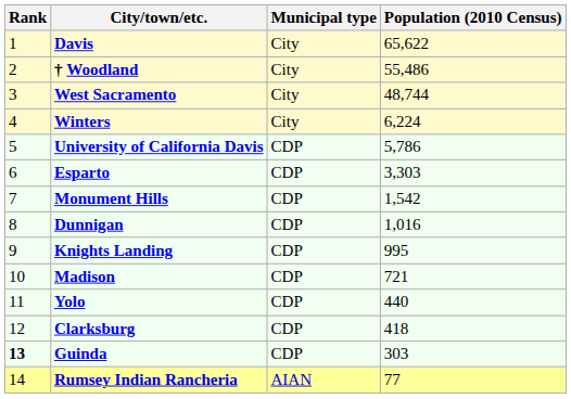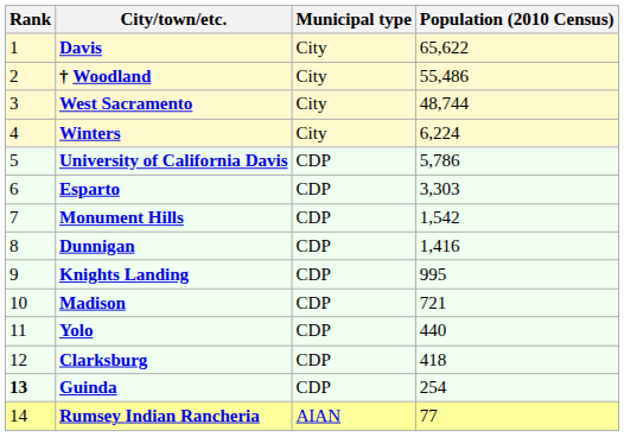 <table class="wikitable sortable">
 <tr>
 <th>Rank</th>
 <th>City/town/etc.</th>
 <th>Municipal type</th>
 <th>Population (2010 Census)</th>
 </tr>
 <tr style="background-color:#FFFACD;">
 <td>1</td>
 <td><strong><a href='#'>Davis</a></strong></td>
 <td>City</td>
 <td>65,622</td>
 </tr>
 <tr style="background-color:#FFFACD;">
 <td>2</td>
 <td><strong>†</strong> <strong><a href='#'>Woodland</a></strong></td>
 <td>City</td>
 <td>55,486</td>
 </tr>
 <tr style="background-color:#FFFACD;">
 <td>3</td>
 <td><strong><a href='#'>West Sacramento</a></strong></td>
 <td>City</td>
 <td>48,744</td>
 </tr>
 <tr style="background-color:#FFFACD;">
 <td>4</td>
 <td><strong><a href='#'>Winters</a></strong></td>
 <td>City</td>
 <td>6,224</td>
 </tr>
 <tr style="background-color:#F0FFF0;">
 <td>5</td>
 <td><strong><a href='#'>University of California Davis</a></strong></td>
 <td>CDP</td>
 <td>5,786</td>
 </tr>
 <tr style="background-color:#F0FFF0;">
 <td>6</td>
 <td><strong><a href='#'>Esparto</a></strong></td>
 <td>CDP</td>
 <td>3,303</td>
 </tr>
 <tr style="background-color:#F0FFF0;">
 <td>7</td>
 <td><strong><a href='#'>Monument Hills</a></strong></td>
 <td>CDP</td>
 <td>1,542</td>
 </tr>
 <tr style="background-color:#F0FFF0;">
 <td>8</td>
 <td><strong><a href='#'>Dunnigan</a></strong></td>
 <td>CDP</td>
-<td>1,016</td>
+<td>1,416</td>
 </tr>
 <tr style="background-color:#F0FFF0;">
 <td>9</td>
 <td><strong><a href='#'>Knights Landing</a></strong></td>
 <td>CDP</td>
 <td>995</td>
 </tr>
 <tr style="background-color:#F0FFF0;">
 <td>10</td>
 <td><strong><a href='#'>Madison</a></strong></td>
 <td>CDP</td>
 <td>721</td>
 </tr>
 <tr style="background-color:#F0FFF0;">
 <td>11</td>
 <td><strong><a href='#'>Yolo</a></strong></td>
 <td>CDP</td>
 <td>440</td>
 </tr>
 <tr style="background-color:#F0FFF0;">
 <td>12</td>
 <td><strong><a href='#'>Clarksburg</a></strong></td>
 <td>CDP</td>
 <td>418</td>
 </tr>
 <tr style="background-color:#F0FFF0;">
 <td><strong>13</strong></td>
 <td><strong><a href='#'>Guinda</a></strong></td>
 <td>CDP</td>
-<td>303</td>
+<td>254</td>
 </tr>
 <tr style="background-color:#FFFF99;">
 <td>14</td>
 <td><strong><a href='#'>Rumsey Indian Rancheria</a></strong></td>
 <td><a href='#'>AIAN</a></td>
 <td>77</td>
 </tr>
 </table>
